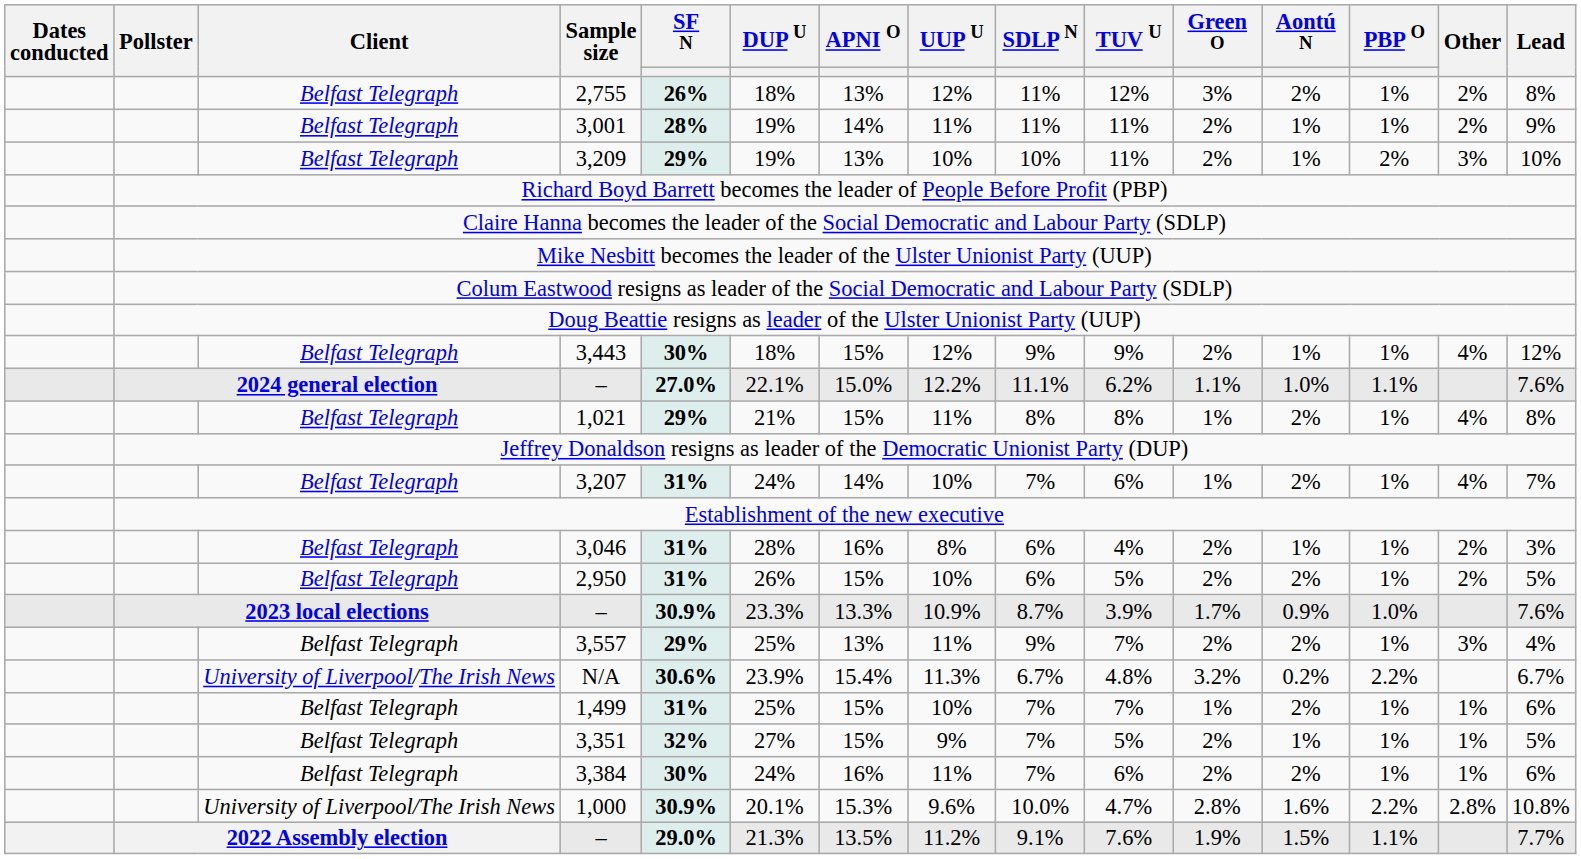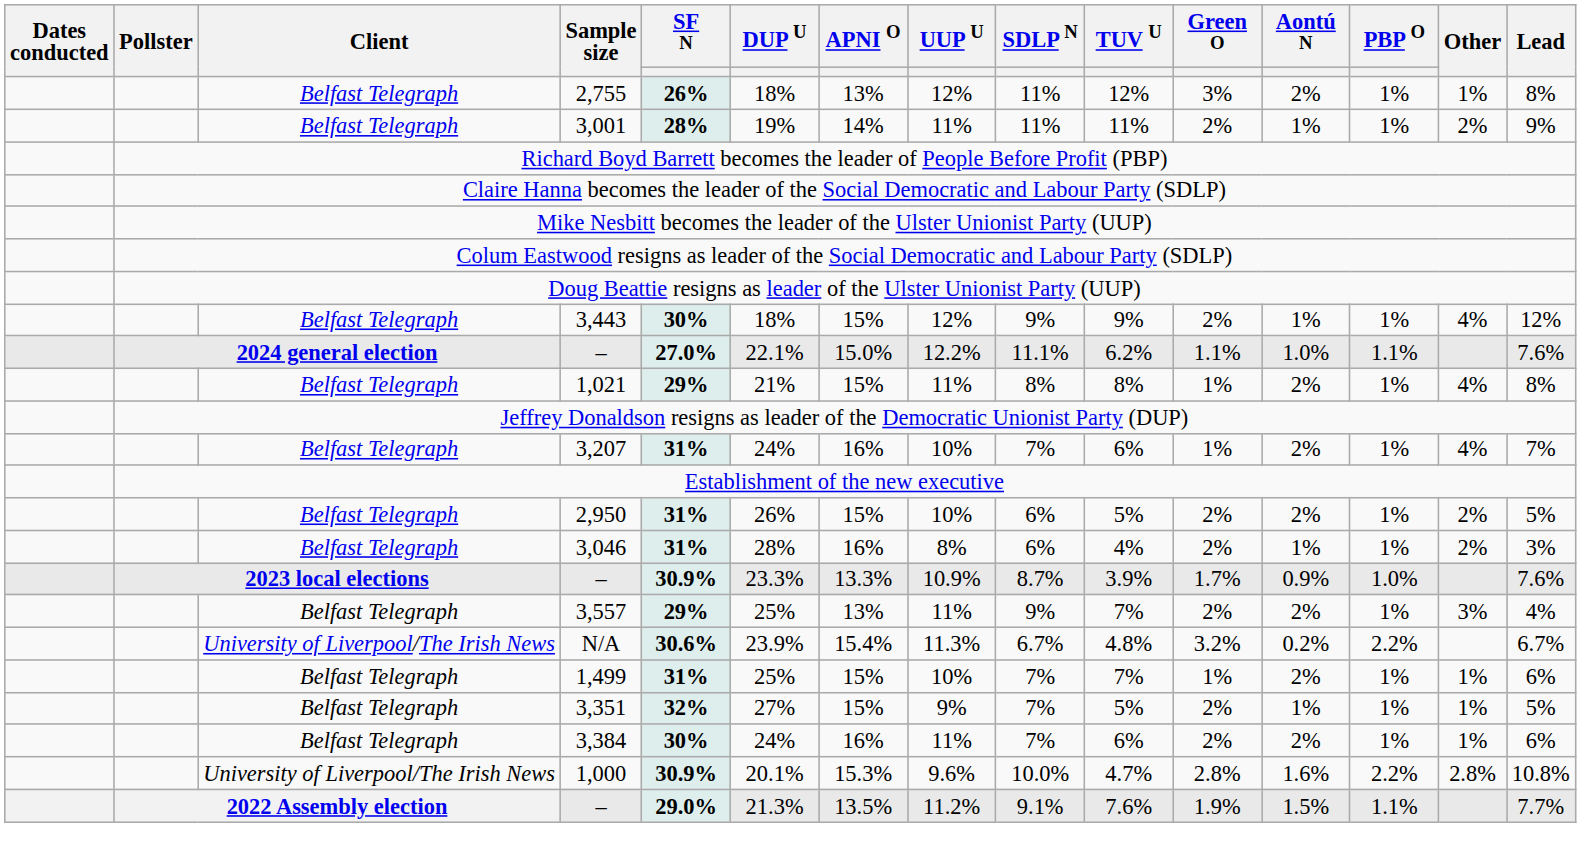 <table class="wikitable sortable mw-datatable" style="text-align:center;font-size:90%;line-height:14px;">
 <tr>
 <th rowspan="2">Dates<br>conducted</th>
 <th rowspan="2">Pollster</th>
 <th rowspan="2">Client</th>
 <th data-sort-type="number" rowspan="2">Sample<br>size</th>
 <th class="unsortable" style="width:50px;"><a href='#'>SF</a> <br> <sup>N</sup></th>
 <th class="unsortable" style="width:50px;"><a href='#'>DUP</a> <sup>U</sup></th>
 <th class="unsortable" style="width:50px;"><a href='#'>APNI</a> <sup>O</sup></th>
 <th class="unsortable" style="width:50px;"><a href='#'>UUP</a> <sup>U</sup></th>
 <th class="unsortable" style="width:50px;"><a href='#'>SDLP</a> <sup>N</sup></th>
 <th class="unsortable" style="width:50px;"><a href='#'>TUV</a> <sup>U</sup></th>
 <th class="unsortable" style="width:50px;"><a href='#'>Green</a> <sup>O</sup></th>
 <th class="unsortable" style="width:50px;"><a href='#'>Aontú</a> <sup>N</sup></th>
 <th class="unsortable" style="width:50px;"><a href='#'>PBP</a> <sup>O</sup></th>
 <th rowspan="2">Other</th>
 <th rowspan="2" class="unsortable">Lead</th>
 </tr>
 <tr>
 <th data-sort-type="number" style="background:"></th>
 <th data-sort-type="number" style="background:"></th>
 <th data-sort-type="number" style="background:"></th>
 <th data-sort-type="number" style="background:"></th>
 <th data-sort-type="number" style="background:"></th>
 <th data-sort-type="number" style="background:"></th>
 <th data-sort-type="number" style="background:"></th>
 <th data-sort-type="number" style="background:"></th>
 <th data-sort-type="number" style="background:"></th>
 </tr>
 <tr>
 <td></td>
 <td></td>
 <td><em><a href='#'>Belfast Telegraph</a></em></td>
 <td>2,755</td>
 <td style="background:#DDEEEC;"><strong>26%</strong></td>
 <td>18%</td>
 <td>13%</td>
 <td>12%</td>
 <td>11%</td>
 <td>12%</td>
 <td>3%</td>
 <td>2%</td>
 <td>1%</td>
-<td>2%</td>
+<td>1%</td>
 <td style="background:">8%</td>
 </tr>
 <tr>
 <td></td>
 <td></td>
 <td><em><a href='#'>Belfast Telegraph</a></em></td>
 <td>3,001</td>
 <td style="background:#DDEEEC;"><strong>28%</strong></td>
 <td>19%</td>
 <td>14%</td>
 <td>11%</td>
 <td>11%</td>
 <td>11%</td>
 <td>2%</td>
 <td>1%</td>
 <td>1%</td>
 <td>2%</td>
 <td style="background:">9%</td>
-</tr>
-<tr>
-<td></td>
-<td></td>
-<td><em><a href='#'>Belfast Telegraph</a></em></td>
-<td>3,209</td>
-<td style="background:#DDEEEC;"><strong>29%</strong></td>
-<td>19%</td>
-<td>13%</td>
-<td>10%</td>
-<td>10%</td>
-<td>11%</td>
-<td>2%</td>
-<td>1%</td>
-<td>2%</td>
-<td>3%</td>
-<td style="background:">10%</td>
 </tr>
 <tr>
 <td></td>
 <td colspan="14"><a href='#'>Richard Boyd Barrett</a> becomes the leader of <a href='#'>People Before Profit</a> (PBP)</td>
 </tr>
 <tr>
 <td></td>
 <td colspan="14"><a href='#'>Claire Hanna</a> becomes the leader of the <a href='#'>Social Democratic and Labour Party</a> (SDLP)</td>
 </tr>
 <tr>
 <td></td>
 <td colspan="14"><a href='#'>Mike Nesbitt</a> becomes the leader of the <a href='#'>Ulster Unionist Party</a> (UUP)</td>
 </tr>
 <tr>
 <td></td>
 <td colspan="14"><a href='#'>Colum Eastwood</a> resigns as leader of the <a href='#'>Social Democratic and Labour Party</a> (SDLP)</td>
 </tr>
 <tr>
 <td></td>
 <td colspan="14"><a href='#'>Doug Beattie</a> resigns as <a href='#'>leader</a> of the <a href='#'>Ulster Unionist Party</a> (UUP)</td>
 </tr>
 <tr>
 <td></td>
 <td></td>
 <td><em><a href='#'>Belfast Telegraph</a></em></td>
 <td>3,443</td>
 <td style="background:#DDEEEC;"><strong>30%</strong></td>
 <td>18%</td>
 <td>15%</td>
 <td>12%</td>
 <td>9%</td>
 <td>9%</td>
 <td>2%</td>
 <td>1%</td>
 <td>1%</td>
 <td>4%</td>
 <td style="background:">12%</td>
 </tr>
 <tr style="background:#E9E9E9;">
 <td></td>
 <td colspan="2"><a href='#'><strong>2024 general election</strong></a></td>
 <td>–</td>
 <td style="background:#DDEEEC;"><strong>27.0%</strong></td>
 <td>22.1%</td>
 <td>15.0%</td>
 <td>12.2%</td>
 <td>11.1%</td>
 <td>6.2%</td>
 <td>1.1%</td>
 <td>1.0%</td>
 <td>1.1%</td>
 <td></td>
 <td style="background:">7.6%</td>
 </tr>
 <tr>
 <td></td>
 <td></td>
 <td><em><a href='#'>Belfast Telegraph</a></em></td>
 <td>1,021</td>
 <td style="background:#DDEEEC;"><strong>29%</strong></td>
 <td>21%</td>
 <td>15%</td>
 <td>11%</td>
 <td>8%</td>
 <td>8%</td>
 <td>1%</td>
 <td>2%</td>
 <td>1%</td>
 <td>4%</td>
 <td style="background:">8%</td>
 </tr>
 <tr>
 <td></td>
 <td colspan="14"><a href='#'>Jeffrey Donaldson</a> resigns as leader of the <a href='#'>Democratic Unionist Party</a> (DUP)</td>
 </tr>
 <tr>
 <td></td>
 <td></td>
 <td><em><a href='#'>Belfast Telegraph</a></em></td>
 <td>3,207</td>
 <td style="background:#DDEEEC;"><strong>31%</strong></td>
 <td>24%</td>
-<td>14%</td>
+<td>16%</td>
 <td>10%</td>
 <td>7%</td>
 <td>6%</td>
 <td>1%</td>
 <td>2%</td>
 <td>1%</td>
 <td>4%</td>
 <td style="background:">7%</td>
 </tr>
 <tr>
 <td></td>
 <td colspan="14"><a href='#'>Establishment of the new executive</a></td>
 </tr>
 <tr>
 <td></td>
 <td></td>
 <td><em><a href='#'>Belfast Telegraph</a></em></td>
+<td>2,950</td>
+<td style="background:#DDEEEC;"><strong>31%</strong></td>
+<td>26%</td>
+<td>15%</td>
+<td>10%</td>
+<td>6%</td>
+<td>5%</td>
+<td>2%</td>
+<td>2%</td>
+<td>1%</td>
+<td>2%</td>
+<td style="background:">5%</td>
+</tr>
+<tr>
+<td></td>
+<td></td>
+<td><em><a href='#'>Belfast Telegraph</a></em></td>
 <td>3,046</td>
 <td style="background:#DDEEEC;"><strong>31%</strong></td>
 <td>28%</td>
 <td>16%</td>
 <td>8%</td>
 <td>6%</td>
 <td>4%</td>
 <td>2%</td>
 <td>1%</td>
 <td>1%</td>
 <td>2%</td>
 <td style="background:">3%</td>
-</tr>
-<tr>
-<td></td>
-<td></td>
-<td><em><a href='#'>Belfast Telegraph</a></em></td>
-<td>2,950</td>
-<td style="background:#DDEEEC;"><strong>31%</strong></td>
-<td>26%</td>
-<td>15%</td>
-<td>10%</td>
-<td>6%</td>
-<td>5%</td>
-<td>2%</td>
-<td>2%</td>
-<td>1%</td>
-<td>2%</td>
-<td style="background:">5%</td>
 </tr>
 <tr style="background:#E9E9E9;">
 <td></td>
 <td colspan="2"><a href='#'><strong>2023 local elections</strong></a></td>
 <td>–</td>
 <td style="background:#DDEEEC;"><strong>30.9%</strong></td>
 <td>23.3%</td>
 <td>13.3%</td>
 <td>10.9%</td>
 <td>8.7%</td>
 <td>3.9%</td>
 <td>1.7%</td>
 <td>0.9%</td>
 <td>1.0%</td>
 <td></td>
 <td style="background:">7.6%</td>
 </tr>
 <tr>
 <td></td>
 <td></td>
 <td><em>Belfast Telegraph</em></td>
 <td>3,557</td>
 <td style="background:#DDEEEC;"><strong>29%</strong></td>
 <td>25%</td>
 <td>13%</td>
 <td>11%</td>
 <td>9%</td>
 <td>7%</td>
 <td>2%</td>
 <td>2%</td>
 <td>1%</td>
 <td>3%</td>
 <td style="background:">4%</td>
 </tr>
 <tr>
 <td></td>
 <td></td>
 <td><em><a href='#'>University of Liverpool</a>/<a href='#'>The Irish News</a></em></td>
 <td>N/A</td>
 <td style="background:#DDEEEC;"><strong>30.6%</strong></td>
 <td>23.9%</td>
 <td>15.4%</td>
 <td>11.3%</td>
 <td>6.7%</td>
 <td>4.8%</td>
 <td>3.2%</td>
 <td>0.2%</td>
 <td>2.2%</td>
 <td></td>
 <td style="background:">6.7%</td>
 </tr>
 <tr>
 <td></td>
 <td></td>
 <td><em>Belfast Telegraph</em></td>
 <td>1,499</td>
 <td style="background:#DDEEEC;"><strong>31%</strong></td>
 <td>25%</td>
 <td>15%</td>
 <td>10%</td>
 <td>7%</td>
 <td>7%</td>
 <td>1%</td>
 <td>2%</td>
 <td>1%</td>
 <td>1%</td>
 <td style="background:">6%</td>
 </tr>
 <tr>
 <td></td>
 <td></td>
 <td><em>Belfast Telegraph</em></td>
 <td>3,351</td>
 <td style="background:#DDEEEC;"><strong>32%</strong></td>
 <td>27%</td>
 <td>15%</td>
 <td>9%</td>
 <td>7%</td>
 <td>5%</td>
 <td>2%</td>
 <td>1%</td>
 <td>1%</td>
 <td>1%</td>
 <td style="background:">5%</td>
 </tr>
 <tr>
 <td></td>
 <td></td>
 <td><em>Belfast Telegraph</em></td>
 <td>3,384</td>
 <td style="background:#DDEEEC;"><strong>30%</strong></td>
 <td>24%</td>
 <td>16%</td>
 <td>11%</td>
 <td>7%</td>
 <td>6%</td>
 <td>2%</td>
 <td>2%</td>
 <td>1%</td>
 <td>1%</td>
 <td style="background:">6%</td>
 </tr>
 <tr>
 <td></td>
 <td></td>
 <td><em>University of Liverpool/The Irish News</em></td>
 <td>1,000</td>
 <td style="background:#DDEEEC;"><strong>30.9%</strong></td>
 <td>20.1%</td>
 <td>15.3%</td>
 <td>9.6%</td>
 <td>10.0%</td>
 <td>4.7%</td>
 <td>2.8%</td>
 <td>1.6%</td>
 <td>2.2%</td>
 <td>2.8% </td>
 <td style="background:">10.8%</td>
 </tr>
 <tr style="background:#E9E9E9;">
 <th></th>
 <th colspan="2"><a href='#'>2022 Assembly election</a></th>
 <td>–</td>
 <td style="background:#DDEEEC;"><strong>29.0%</strong></td>
 <td>21.3%</td>
 <td>13.5%</td>
 <td>11.2%</td>
 <td>9.1%</td>
 <td>7.6%</td>
 <td>1.9%</td>
 <td>1.5%</td>
 <td>1.1%</td>
 <td></td>
 <td style="background:">7.7%</td>
 </tr>
 </table>
